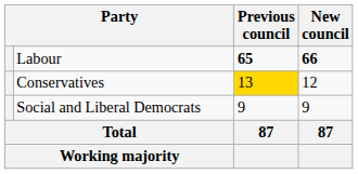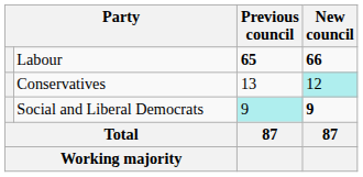 <table class="wikitable">
 <tr>
 <th valign=top colspan="2" style="width: 230px">Party</th>
 <th valign=top style="width: 30px">Previous council</th>
 <th valign=top style="width: 30px">New council</th>
 </tr>
 <tr>
 <th style="background-color: "></th>
 <td>Labour</td>
 <td><strong>65</strong></td>
 <td><strong>66</strong></td>
 </tr>
 <tr>
 <th style="background-color: "></th>
 <td>Conservatives</td>
-<td style="background: gold;">13</td>
-<td>12</td>
+<td>13</td>
+<td style="background: paleturquoise;">12</td>
 </tr>
 <tr>
 <th style="background-color: "></th>
 <td>Social and Liberal Democrats</td>
-<td>9</td>
-<td>9</td>
+<td style="background: paleturquoise;">9</td>
+<td><strong>9</strong></td>
 </tr>
 <tr>
 <th colspan=2>Total</th>
 <th style="text-align: center">87</th>
 <th colspan=3>87</th>
 </tr>
 <tr>
 <th colspan=2>Working majority</th>
 <th></th>
 <th></th>
 </tr>
 </table>
